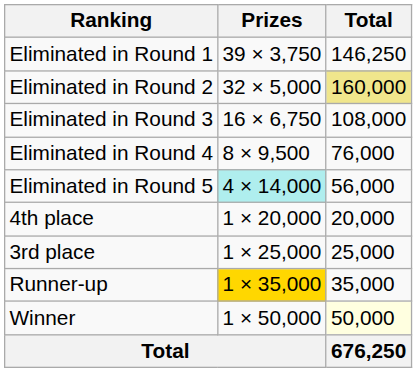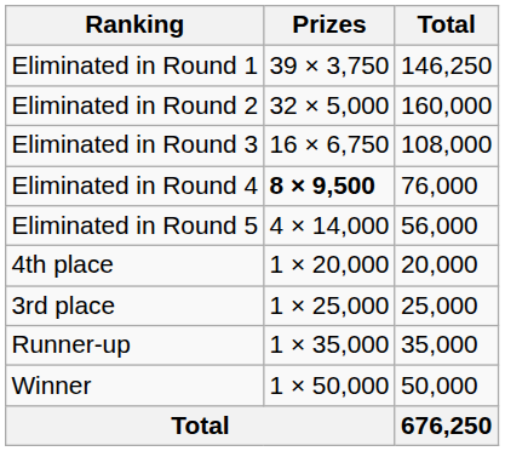 <table class="wikitable">
 <tr>
 <th>Ranking</th>
 <th>Prizes</th>
 <th>Total</th>
 </tr>
 <tr>
 <td>Eliminated in Round 1</td>
 <td>39 × 3,750</td>
 <td>146,250</td>
 </tr>
 <tr>
 <td>Eliminated in Round 2</td>
 <td>32 × 5,000</td>
-<td style="background: khaki;">160,000</td>
+<td>160,000</td>
 </tr>
 <tr>
 <td>Eliminated in Round 3</td>
 <td>16 × 6,750</td>
 <td>108,000</td>
 </tr>
 <tr>
 <td>Eliminated in Round 4</td>
-<td>8 × 9,500</td>
+<td><strong>8 × 9,500</strong></td>
 <td>76,000</td>
 </tr>
 <tr>
 <td>Eliminated in Round 5</td>
-<td style="background: paleturquoise;">4 × 14,000</td>
+<td>4 × 14,000</td>
 <td>56,000</td>
 </tr>
 <tr>
 <td>4th place</td>
 <td>1 × 20,000</td>
 <td>20,000</td>
 </tr>
 <tr>
 <td>3rd place</td>
 <td>1 × 25,000</td>
 <td>25,000</td>
 </tr>
 <tr>
 <td>Runner-up</td>
-<td style="background: gold;">1 × 35,000</td>
+<td>1 × 35,000</td>
 <td>35,000</td>
 </tr>
 <tr>
 <td>Winner</td>
 <td>1 × 50,000</td>
-<td style="background: lightyellow;">50,000</td>
+<td>50,000</td>
 </tr>
 <tr>
 <th colspan="2">Total</th>
 <th>676,250</th>
 </tr>
 </table>
